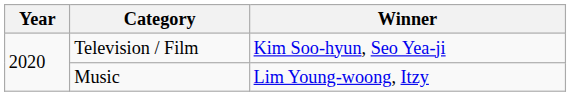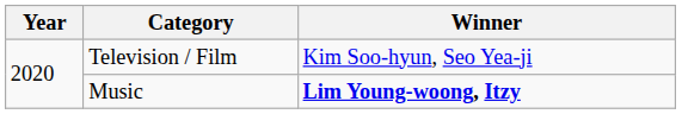 <table class="wikitable">
 <tr align=center>
 <th style="width:50px">Year</th>
 <th style="width:150px">Category</th>
 <th style="width:270px">Winner</th>
 </tr>
 <tr>
 <td rowspan="2">2020</td>
 <td>Television / Film</td>
 <td><a href='#'>Kim Soo-hyun</a>, <a href='#'>Seo Yea-ji</a></td>
 </tr>
 <tr>
 <td>Music</td>
-<td><a href='#'>Lim Young-woong</a>, <a href='#'>Itzy</a></td>
+<td><strong><a href='#'>Lim Young-woong</a>, <a href='#'>Itzy</a></strong></td>
 </tr>
 </table>
